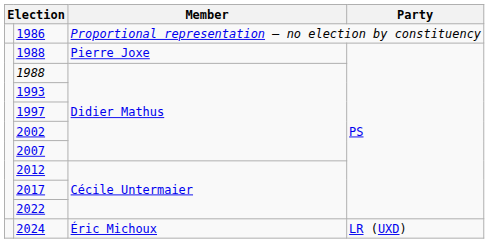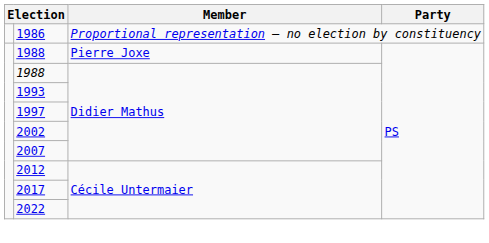 <table class="wikitable">
 <tr>
 <th colspan="2">Election</th>
 <th>Member</th>
 <th>Party</th>
 </tr>
 <tr>
 <td></td>
 <td><a href='#'>1986</a></td>
 <td colspan="2"><em><a href='#'>Proportional representation</a> – no election by constituency</em></td>
 </tr>
 <tr>
 <td rowspan="9" style="background-color: "></td>
 <td><a href='#'>1988</a></td>
 <td><a href='#'>Pierre Joxe</a></td>
 <td rowspan="9"><a href='#'>PS</a></td>
 </tr>
 <tr>
 <td><em>1988</em></td>
 <td rowspan="5"><a href='#'>Didier Mathus</a></td>
 </tr>
 <tr>
 <td><a href='#'>1993</a></td>
 </tr>
 <tr>
 <td><a href='#'>1997</a></td>
 </tr>
 <tr>
 <td><a href='#'>2002</a></td>
 </tr>
 <tr>
 <td><a href='#'>2007</a></td>
 </tr>
 <tr>
 <td><a href='#'>2012</a></td>
 <td rowspan="3"><a href='#'>Cécile Untermaier</a></td>
 </tr>
 <tr>
 <td><a href='#'>2017</a></td>
 </tr>
 <tr>
 <td><a href='#'>2022</a></td>
 </tr>
-<tr>
-<td style="background-color: "></td>
-<td><a href='#'>2024</a></td>
-<td><a href='#'>Éric Michoux</a></td>
-<td><a href='#'>LR</a> (<a href='#'>UXD</a>)</td>
-</tr>
 </table>
